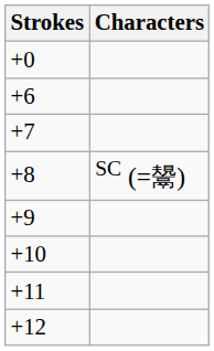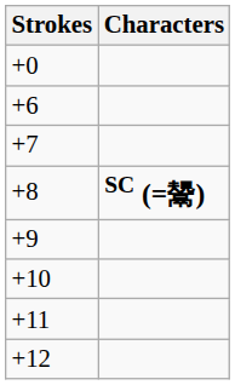 <table class="wikitable">
 <tr>
 <th>Strokes</th>
 <th>Characters</th>
 </tr>
 <tr>
 <td>+0</td>
 <td style="font-size: large;"></td>
 </tr>
 <tr>
 <td>+6</td>
 <td style="font-size: large;"></td>
 </tr>
 <tr>
 <td>+7</td>
 <td style="font-size: large;"></td>
 </tr>
 <tr>
 <td>+8</td>
-<td style="font-size: large;"> <sup>SC</sup> (=鬹)</td>
+<td style="font-size: large;"><strong> <sup>SC</sup> (=鬹)</strong></td>
 </tr>
 <tr>
 <td>+9</td>
 <td style="font-size: large;"></td>
 </tr>
 <tr>
 <td>+10</td>
 <td style="font-size: large;"></td>
 </tr>
 <tr>
 <td>+11</td>
 <td style="font-size: large;"> </td>
 </tr>
 <tr>
 <td>+12</td>
 <td style="font-size: large;"></td>
 </tr>
 </table>
